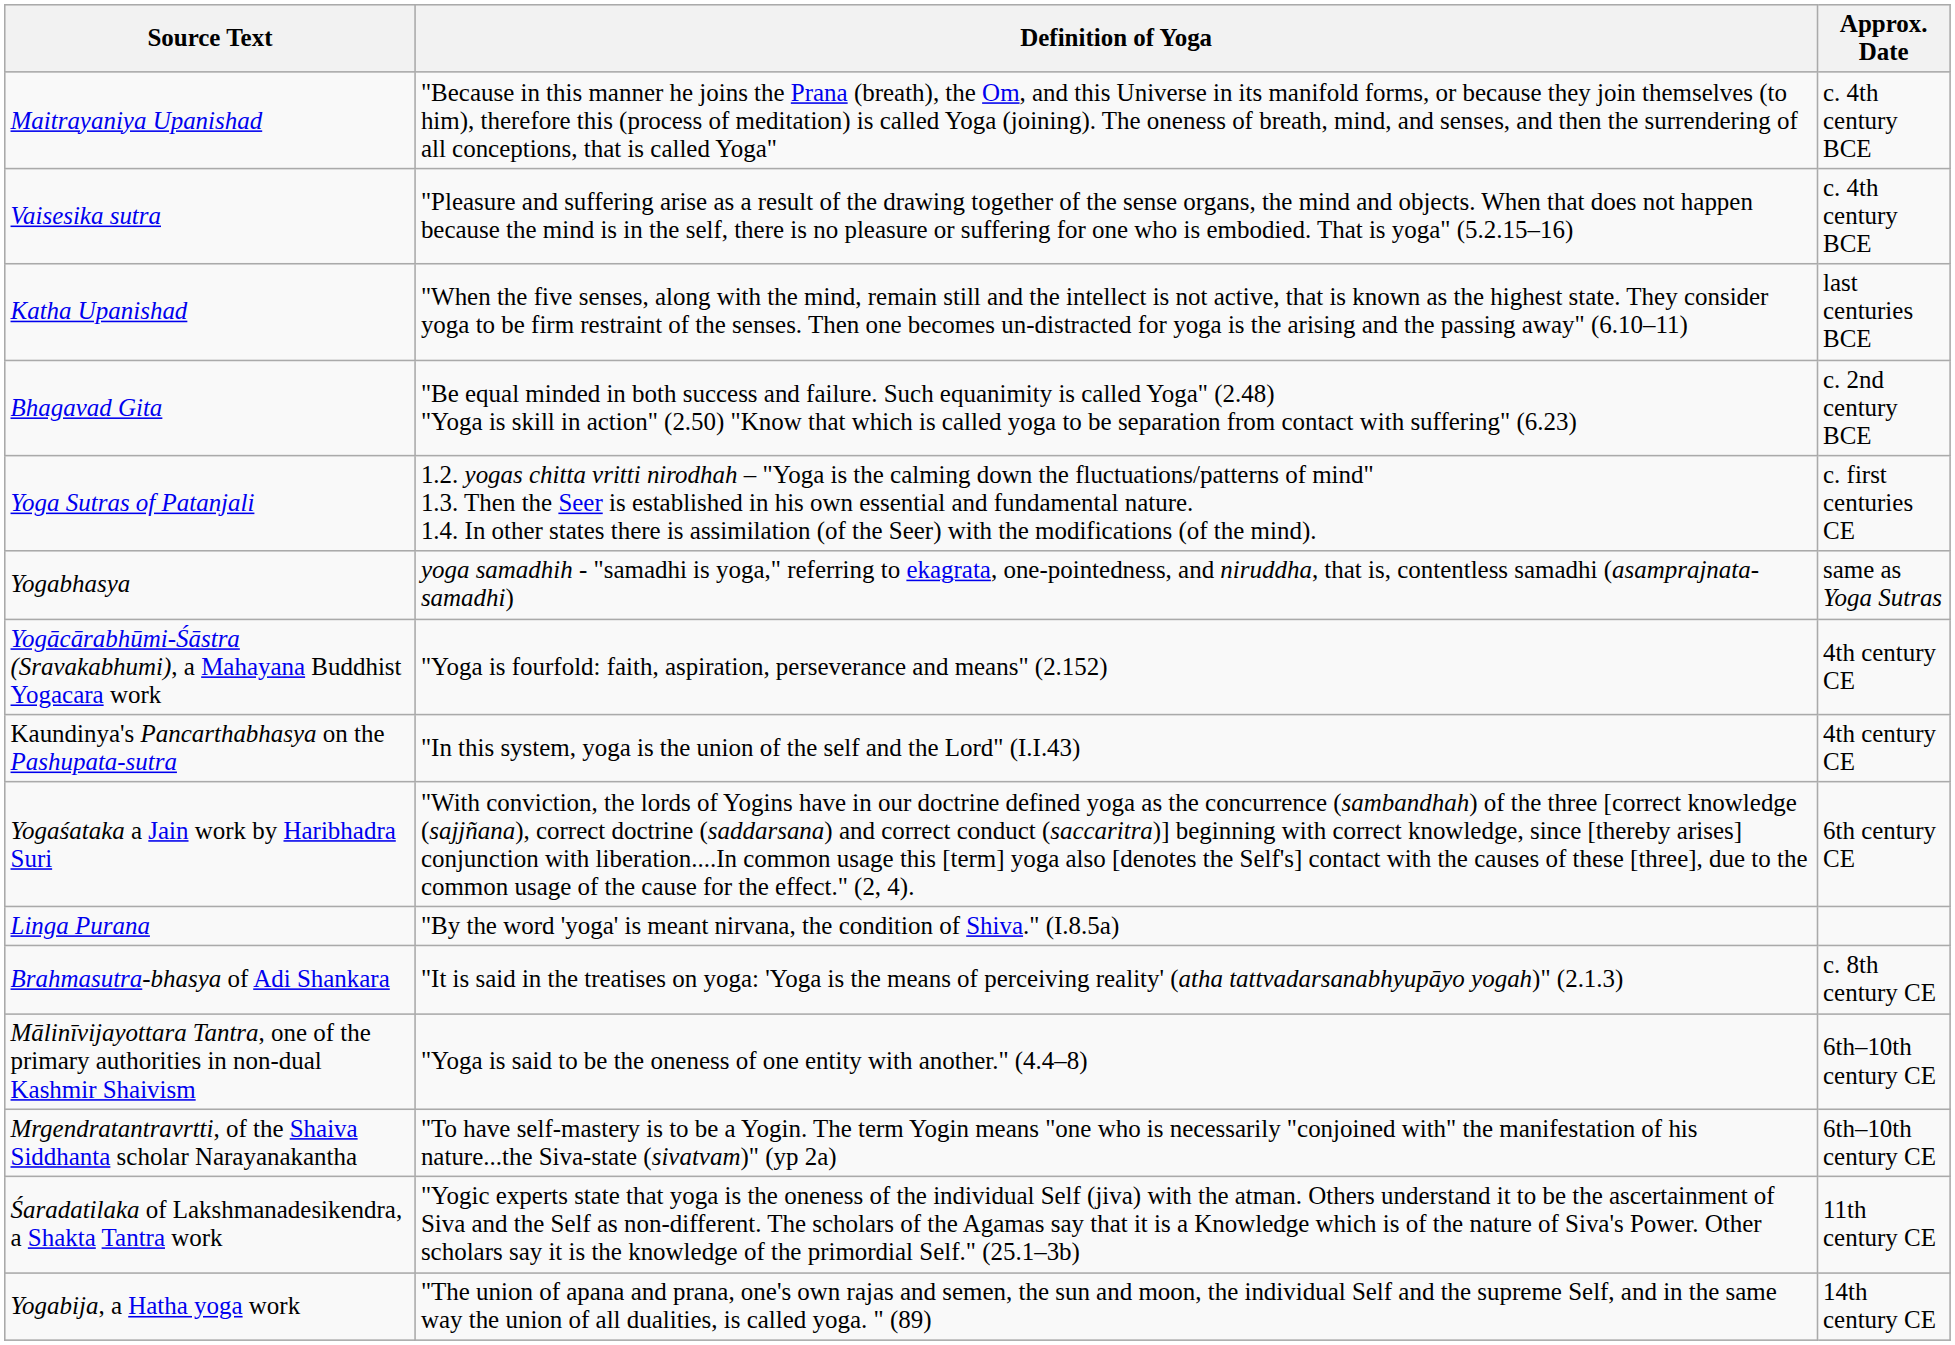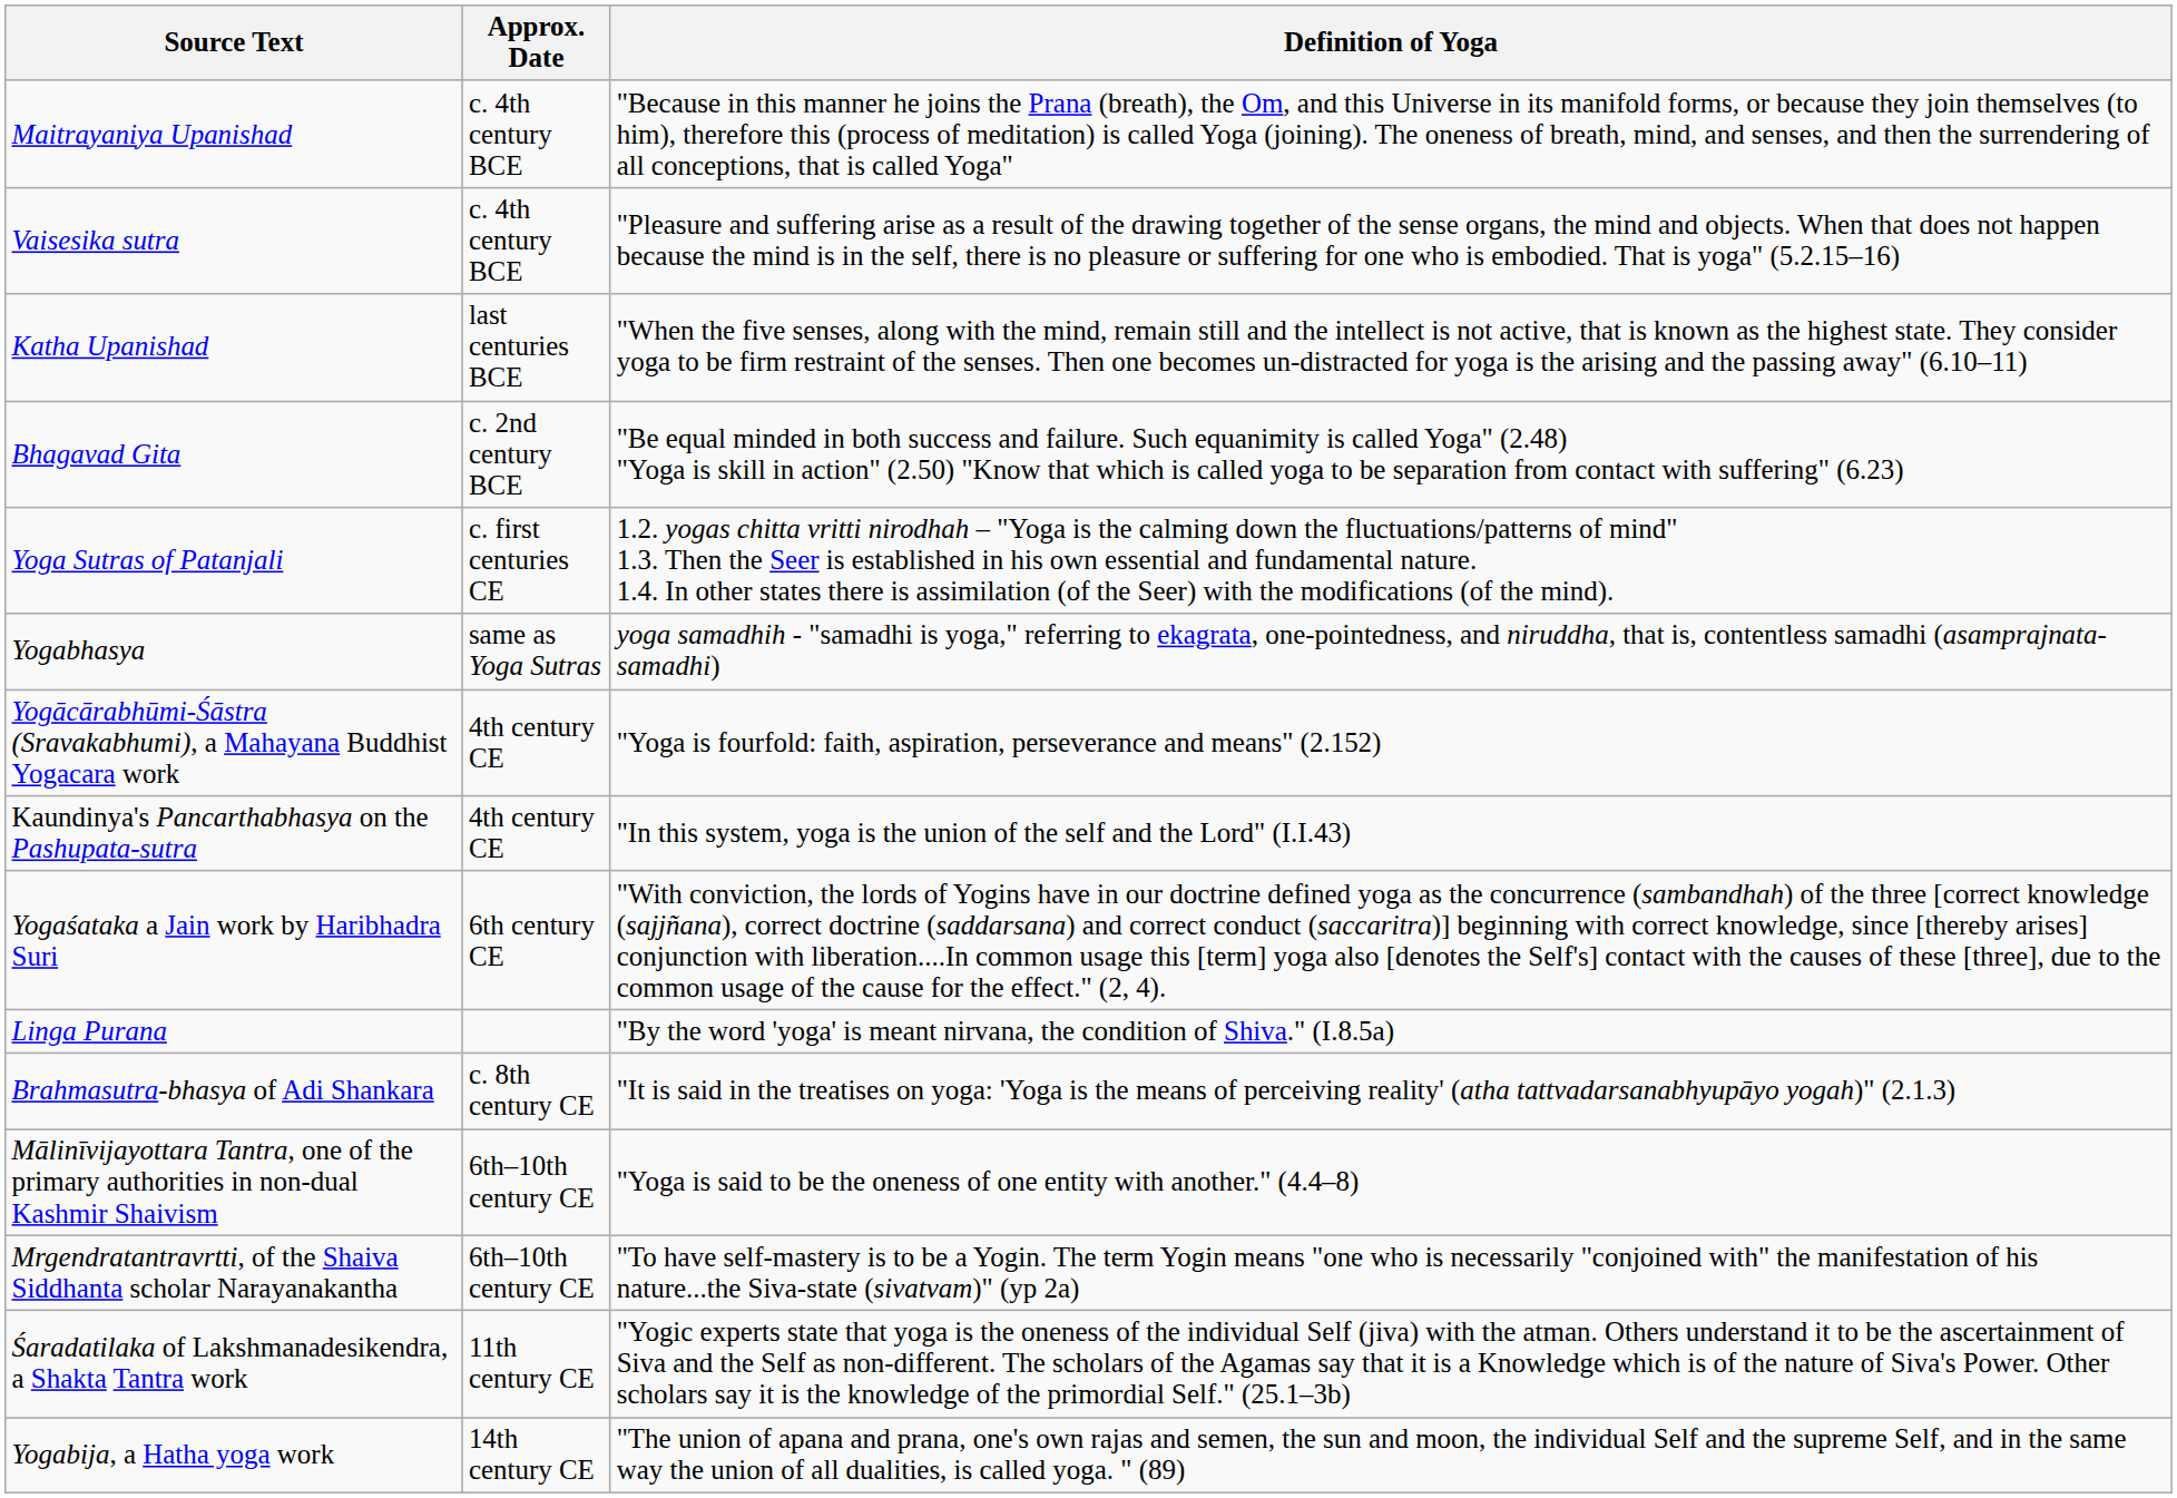 <table class="wikitable">
 <tr>
 <th>Source Text</th>
+<th>Approx. Date</th>
 <th>Definition of Yoga</th>
-<th>Approx. Date</th>
 </tr>
 <tr>
 <td><em><a href='#'>Maitrayaniya Upanishad</a></em></td>
+<td>c. 4th century BCE</td>
 <td>"Because in this manner he joins the <a href='#'>Prana</a> (breath), the <a href='#'>Om</a>, and this Universe in its manifold forms, or because they join themselves (to him), therefore this (process of meditation) is called Yoga (joining). The oneness of breath, mind, and senses, and then the surrendering of all conceptions, that is called Yoga"</td>
-<td>c. 4th century BCE</td>
 </tr>
 <tr>
 <td><a href='#'><em>Vaisesika sutra</em></a></td>
+<td>c. 4th century BCE</td>
 <td>"Pleasure and suffering arise as a result of the drawing together of the sense organs, the mind and objects. When that does not happen because the mind is in the self, there is no pleasure or suffering for one who is embodied. That is yoga" (5.2.15–16)</td>
-<td>c. 4th century BCE</td>
 </tr>
 <tr>
 <td><em><a href='#'>Katha Upanishad</a></em></td>
+<td>last centuries BCE</td>
 <td>"When the five senses, along with the mind, remain still and the intellect is not active, that is known as the highest state. They consider yoga to be firm restraint of the senses. Then one becomes un-distracted for yoga is the arising and the passing away" (6.10–11)</td>
-<td>last centuries BCE</td>
 </tr>
 <tr>
 <td><em><a href='#'>Bhagavad Gita</a></em></td>
+<td>c. 2nd century BCE</td>
 <td>"Be equal minded in both success and failure. Such equanimity is called Yoga" (2.48)<br>"Yoga is skill in action" (2.50)  "Know that which is called yoga to be separation from contact with suffering" (6.23)</td>
-<td>c. 2nd century BCE</td>
 </tr>
 <tr>
 <td><em><a href='#'>Yoga Sutras of Patanjali</a></em></td>
+<td>c. first centuries CE</td>
 <td>1.2. <em>yogas chitta vritti nirodhah</em> – "Yoga is the calming down the fluctuations/patterns of mind"<br>1.3. Then the <a href='#'>Seer</a> is established in his own essential and fundamental nature.<br>1.4. In other states there is assimilation (of the Seer) with the modifications (of the mind).</td>
-<td>c. first centuries CE</td>
 </tr>
 <tr>
 <td><em>Yogabhasya</em></td>
+<td>same as <em>Yoga Sutras</em></td>
 <td><em>yoga samadhih</em> - "samadhi is yoga," referring to <a href='#'>ekagrata</a>, one-pointedness, and <em>niruddha</em>, that is, contentless samadhi (<em>asamprajnata-samadhi</em>)</td>
-<td>same as <em>Yoga Sutras</em></td>
 </tr>
 <tr>
 <td><em><a href='#'>Yogācārabhūmi-Śāstra</a> (Sravakabhumi)</em>, a <a href='#'>Mahayana</a> Buddhist <a href='#'>Yogacara</a> work</td>
+<td>4th century CE</td>
 <td>"Yoga is fourfold: faith, aspiration, perseverance and means" (2.152)</td>
-<td>4th century CE</td>
 </tr>
 <tr>
 <td>Kaundinya's <em>Pancarthabhasya</em> on the <em><a href='#'>Pashupata-sutra</a></em></td>
+<td>4th century CE</td>
 <td>"In this system, yoga is the union of the self and the Lord" (I.I.43)</td>
-<td>4th century CE</td>
 </tr>
 <tr>
 <td><em>Yogaśataka</em> a <a href='#'>Jain</a> work by <a href='#'>Haribhadra Suri</a></td>
+<td>6th century CE</td>
 <td>"With conviction, the lords of Yogins have in our doctrine defined yoga as the concurrence (<em>sambandhah</em>) of the three [correct knowledge (<em>sajjñana</em>), correct doctrine (<em>saddarsana</em>) and correct conduct (<em>saccaritra</em>)] beginning with correct knowledge, since [thereby arises] conjunction with liberation....In common usage this [term] yoga also [denotes the Self's] contact with the causes of these [three], due to the common usage of the cause for the effect." (2, 4).</td>
-<td>6th century CE</td>
 </tr>
 <tr>
 <td><em><a href='#'>Linga Purana</a></em></td>
+<td></td>
 <td>"By the word 'yoga' is meant nirvana, the condition of <a href='#'>Shiva</a>." (I.8.5a)</td>
-<td></td>
 </tr>
 <tr>
 <td><em><a href='#'>Brahmasutra</a>-bhasya</em> of <a href='#'>Adi Shankara</a></td>
+<td>c. 8th century CE</td>
 <td>"It is said in the treatises on yoga: 'Yoga is the means of perceiving reality' (<em>atha tattvadarsanabhyupāyo yogah</em>)" (2.1.3)</td>
-<td>c. 8th century CE</td>
 </tr>
 <tr>
 <td><em>Mālinīvijayottara Tantra</em>, one of the primary authorities in non-dual <a href='#'>Kashmir Shaivism</a></td>
+<td>6th–10th century CE</td>
 <td>"Yoga is said to be the oneness of one entity with another." (4.4–8)</td>
-<td>6th–10th century CE</td>
 </tr>
 <tr>
 <td><em>Mrgendratantravrtti</em>, of the <a href='#'>Shaiva Siddhanta</a> scholar Narayanakantha</td>
+<td>6th–10th century CE</td>
 <td>"To have self-mastery is to be a Yogin. The term Yogin means "one who is necessarily "conjoined with" the manifestation of his nature...the Siva-state (<em>sivatvam</em>)" (yp 2a)</td>
-<td>6th–10th century CE</td>
 </tr>
 <tr>
 <td><em>Śaradatilaka</em> of Lakshmanadesikendra, a <a href='#'>Shakta</a> <a href='#'>Tantra</a> work</td>
+<td>11th century CE</td>
 <td>"Yogic experts state that yoga is the oneness of the individual Self (jiva) with the atman. Others understand it to be the ascertainment of Siva and the Self as non-different. The scholars of the Agamas say that it is a Knowledge which is of the nature of Siva's Power. Other scholars say it is the knowledge of the primordial Self." (25.1–3b)</td>
-<td>11th century CE</td>
 </tr>
 <tr>
 <td><em>Yogabija</em>, a <a href='#'>Hatha yoga</a> work</td>
+<td>14th century CE</td>
 <td>"The union of apana and prana, one's own rajas and semen, the sun and moon, the individual Self and the supreme Self, and in the same way the union of all dualities, is called yoga. " (89)</td>
-<td>14th century CE</td>
 </tr>
 </table>
